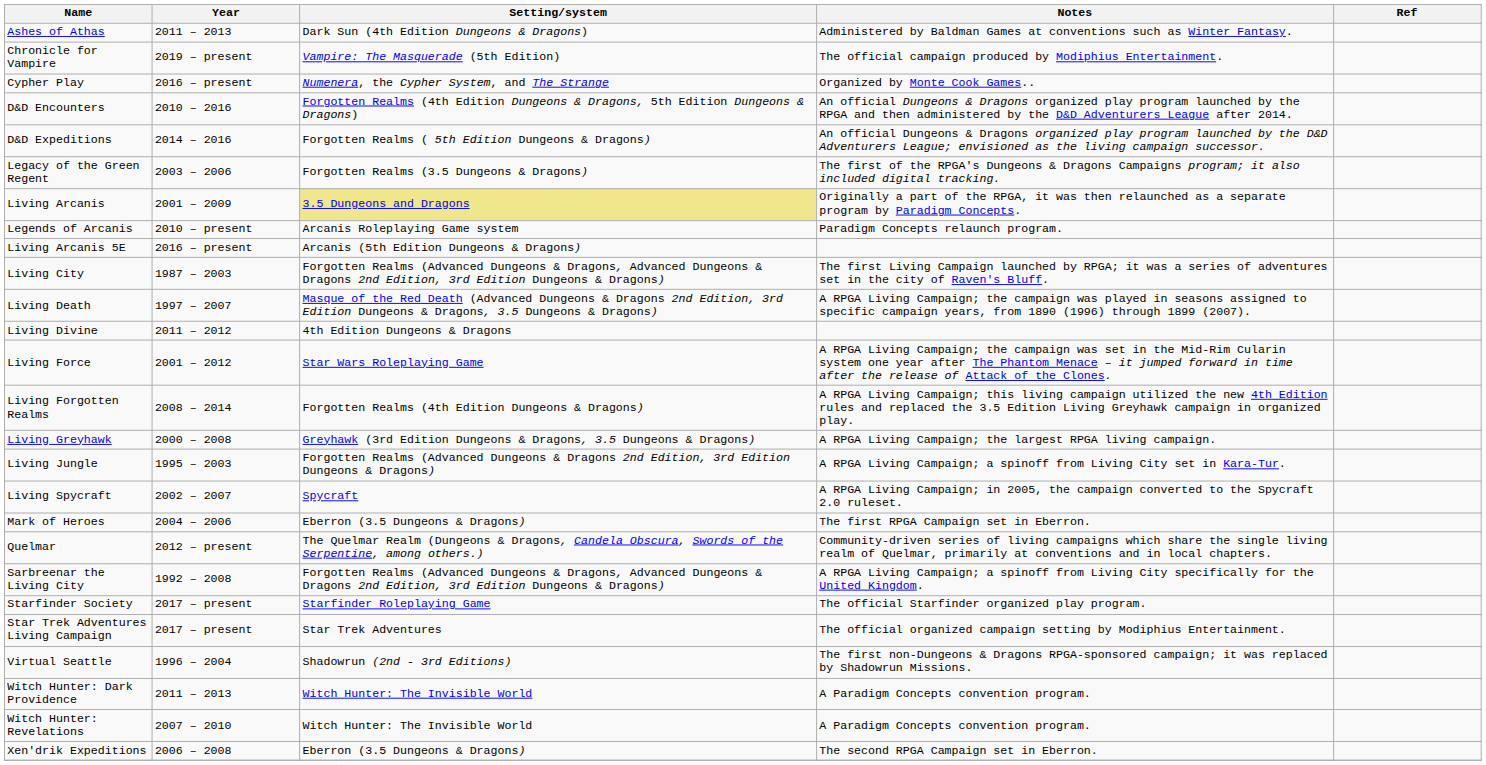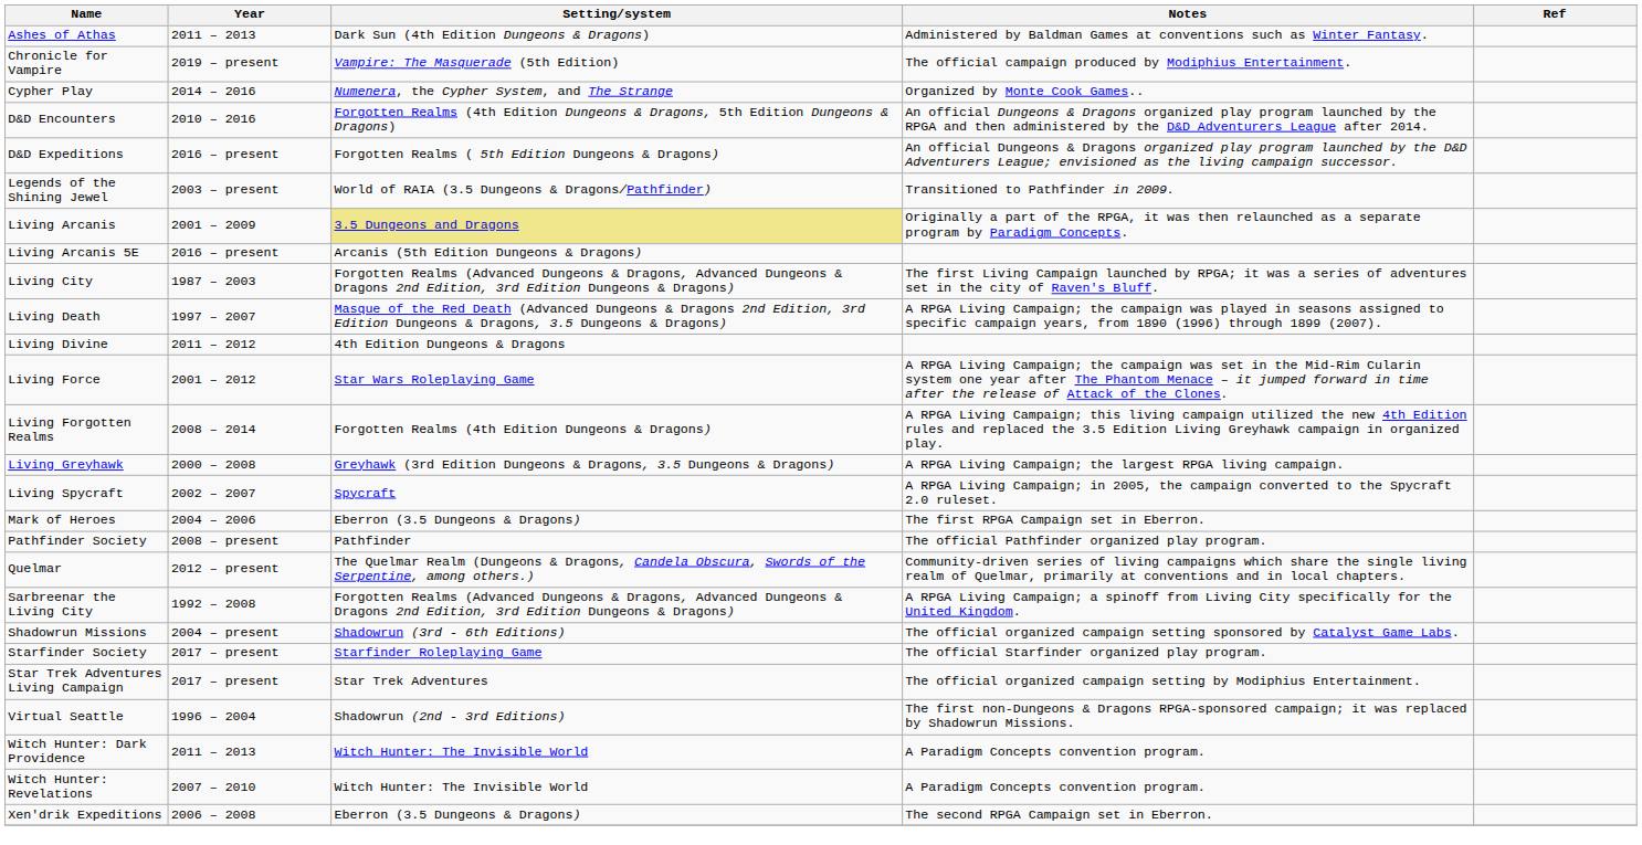 <table class="wikitable sortable" style="margins:auto; width=95%; font-size: 95%;">
 <tr>
 <th width="10%">Name</th>
 <th width="10%">Year</th>
 <th width="35%">Setting/system</th>
 <th width="35%">Notes</th>
 <th width="10%">Ref</th>
 </tr>
 <tr>
 <td><a href='#'>Ashes of Athas</a></td>
 <td>2011 – 2013</td>
 <td>Dark Sun (4th Edition <em>Dungeons & Dragons</em>)</td>
 <td>Administered by Baldman Games at conventions such as <a href='#'>Winter Fantasy</a>.</td>
 <td></td>
 </tr>
 <tr>
 <td>Chronicle for Vampire</td>
 <td>2019 – present</td>
 <td><em><a href='#'>Vampire: The Masquerade</a></em> (5th Edition)</td>
 <td>The official campaign produced by <a href='#'>Modiphius Entertainment</a>.</td>
 <td></td>
 </tr>
 <tr>
 <td>Cypher Play</td>
-<td>2016 – present</td>
+<td>2014 – 2016</td>
 <td><em><a href='#'>Numenera</a></em>, the <em>Cypher System</em>, and <em><a href='#'>The Strange</a></em></td>
 <td>Organized by <a href='#'>Monte Cook Games</a>..</td>
 <td></td>
 </tr>
 <tr>
 <td>D&D Encounters</td>
 <td>2010 – 2016</td>
 <td><a href='#'>Forgotten Realms</a> (4th Edition <em>Dungeons & Dragons,</em> 5th Edition <em>Dungeons & Dragons</em>)</td>
 <td>An official <em>Dungeons & Dragons</em> organized play program launched by the RPGA and then administered by the <a href='#'>D&D Adventurers League</a> after 2014.</td>
 <td></td>
 </tr>
 <tr>
 <td>D&D Expeditions</td>
-<td>2014 – 2016</td>
+<td>2016 – present</td>
 <td>Forgotten Realms (<em> 5th Edition </em>Dungeons & Dragons<em>)</td>
 <td>An official </em>Dungeons & Dragons<em> organized play program launched by the D&D Adventurers League; envisioned as the living campaign successor.</td>
 <td></td>
 </tr>
 <tr>
-<td>Legacy of the Green Regent</td>
-<td>2003 – 2006</td>
-<td>Forgotten Realms (3.5 </em>Dungeons & Dragons<em>)</td>
-<td>The first of the RPGA's </em>Dungeons & Dragons Campaigns<em> program; it also included digital tracking.</td>
+<td>Legends of the Shining Jewel</td>
+<td>2003 – present</td>
+<td>World of RAIA (3.5 </em>Dungeons & Dragons<em>/<a href='#'></em>Pathfinder<em></a>)</td>
+<td>Transitioned to </em>Pathfinder<em> in 2009.</td>
 <td></td>
 </tr>
 <tr>
 <td>Living Arcanis</td>
 <td>2001 – 2009</td>
 <td style="background: khaki;"><a href='#'>3.5 Dungeons and Dragons</a></td>
 <td>Originally a part of the RPGA, it was then relaunched as a separate program by <a href='#'>Paradigm Concepts</a>.</td>
-<td></td>
-</tr>
-<tr>
-<td>Legends of Arcanis</td>
-<td>2010 – present</td>
-<td>Arcanis Roleplaying Game system</td>
-<td>Paradigm Concepts relaunch program.</td>
 <td></td>
 </tr>
 <tr>
 <td>Living Arcanis 5E</td>
 <td>2016 – present</td>
 <td>Arcanis (5th Edition </em>Dungeons & Dragons<em>)</td>
 <td></td>
 <td></td>
 </tr>
 <tr>
 <td>Living City</td>
 <td>1987 – 2003</td>
 <td>Forgotten Realms (</em>Advanced Dungeons & Dragons<em>, </em>Advanced Dungeons & Dragons<em> 2nd Edition, 3rd Edition </em>Dungeons & Dragons<em>)</td>
 <td>The first Living Campaign launched by RPGA; it was a series of adventures set in the city of <a href='#'>Raven's Bluff</a>.</td>
 <td></td>
 </tr>
 <tr>
 <td>Living Death</td>
 <td>1997 – 2007</td>
 <td><a href='#'>Masque of the Red Death</a> (</em>Advanced Dungeons & Dragons<em> 2nd Edition, 3rd Edition </em>Dungeons & Dragons<em>, 3.5 </em>Dungeons & Dragons<em>)</td>
 <td>A RPGA Living Campaign; the campaign was played in seasons assigned to specific campaign years, from 1890 (1996) through 1899 (2007).</td>
 <td></td>
 </tr>
 <tr>
 <td>Living Divine</td>
 <td>2011 – 2012</td>
 <td>4th Edition </em>Dungeons & Dragons<em></td>
 <td></td>
 <td></td>
 </tr>
 <tr>
 <td>Living Force</td>
 <td>2001 – 2012</td>
 <td></em><a href='#'>Star Wars Roleplaying Game</a><em></td>
 <td>A RPGA Living Campaign; the campaign was set in the Mid-Rim Cularin system one year after </em><a href='#'>The Phantom Menace</a><em> – it jumped forward in time after the release of </em><a href='#'>Attack of the Clones</a><em>.</td>
 <td></td>
 </tr>
 <tr>
 <td>Living Forgotten Realms</td>
 <td>2008 – 2014</td>
 <td>Forgotten Realms (4th Edition </em>Dungeons & Dragons<em>)</td>
 <td>A RPGA Living Campaign; this living campaign utilized the new <a href='#'>4th Edition</a> rules and replaced the 3.5 Edition Living Greyhawk campaign in organized play.</td>
 <td></td>
 </tr>
 <tr>
 <td><a href='#'>Living Greyhawk</a></td>
 <td>2000 – 2008</td>
 <td><a href='#'>Greyhawk</a> (3rd Edition </em>Dungeons & Dragons<em>, 3.5 </em>Dungeons & Dragons<em>)</td>
 <td>A RPGA Living Campaign; the largest RPGA living campaign.</td>
 <td></td>
 </tr>
 <tr>
-<td>Living Jungle</td>
-<td>1995 – 2003</td>
-<td>Forgotten Realms (</em>Advanced Dungeons & Dragons<em> 2nd Edition, 3rd Edition </em>Dungeons & Dragons<em>)</td>
-<td>A RPGA Living Campaign; a spinoff from Living City set in <a href='#'>Kara-Tur</a>.</td>
-<td></td>
-</tr>
-<tr>
 <td>Living Spycraft</td>
 <td>2002 – 2007</td>
 <td></em><a href='#'>Spycraft</a><em></td>
 <td>A RPGA Living Campaign; in 2005, the campaign converted to the Spycraft 2.0 ruleset.</td>
 <td></td>
 </tr>
 <tr>
 <td>Mark of Heroes</td>
 <td>2004 – 2006</td>
 <td>Eberron (3.5 </em>Dungeons & Dragons<em>)</td>
 <td>The first RPGA Campaign set in Eberron.</td>
 <td></td>
 </tr>
 <tr>
+<td>Pathfinder Society</td>
+<td>2008 – present</td>
+<td></em>Pathfinder<em></td>
+<td>The official Pathfinder organized play program.</td>
+<td></td>
+</tr>
+<tr>
 <td>Quelmar</td>
 <td>2012 – present</td>
 <td>The Quelmar Realm (</em>Dungeons & Dragons<em>, <a href='#'>Candela Obscura</a>, <a href='#'>Swords of the Serpentine</a>, among others.)</td>
 <td>Community-driven series of living campaigns which share the single living realm of Quelmar, primarily at conventions and in local chapters.</td>
 <td></td>
 </tr>
 <tr>
 <td>Sarbreenar the Living City</td>
 <td>1992 – 2008</td>
 <td>Forgotten Realms (</em>Advanced Dungeons & Dragons<em>, </em>Advanced Dungeons & Dragons<em> 2nd Edition, 3rd Edition </em>Dungeons & Dragons<em>)</td>
 <td>A RPGA Living Campaign; a spinoff from Living City specifically for the <a href='#'>United Kingdom</a>.</td>
+<td></td>
+</tr>
+<tr>
+<td>Shadowrun Missions</td>
+<td>2004 – present</td>
+<td></em><a href='#'>Shadowrun</a><em> (3rd - 6th Editions)</td>
+<td>The official organized campaign setting sponsored by <a href='#'>Catalyst Game Labs</a>.</td>
 <td></td>
 </tr>
 <tr>
 <td>Starfinder Society</td>
 <td>2017 – present</td>
 <td><a href='#'>Starfinder Roleplaying Game</a></td>
 <td>The official Starfinder organized play program.</td>
 <td></td>
 </tr>
 <tr>
 <td>Star Trek Adventures Living Campaign</td>
 <td>2017 – present</td>
 <td></em>Star Trek Adventures<em></td>
 <td>The official organized campaign setting by Modiphius Entertainment.</td>
 <td></td>
 </tr>
 <tr>
 <td>Virtual Seattle</td>
 <td>1996 – 2004</td>
 <td></em>Shadowrun<em> (2nd - 3rd Editions)</td>
 <td>The first non-Dungeons & Dragons RPGA-sponsored campaign; it was replaced by Shadowrun Missions.</td>
 <td></td>
 </tr>
 <tr>
 <td>Witch Hunter: Dark Providence</td>
 <td>2011 – 2013</td>
 <td><a href='#'>Witch Hunter: The Invisible World</a></td>
 <td>A Paradigm Concepts convention program.</td>
 <td></td>
 </tr>
 <tr>
 <td>Witch Hunter: Revelations</td>
 <td>2007 – 2010</td>
 <td>Witch Hunter: The Invisible World</td>
 <td>A Paradigm Concepts convention program.</td>
 <td></td>
 </tr>
 <tr>
 <td>Xen'drik Expeditions</td>
 <td>2006 – 2008</td>
 <td>Eberron (3.5 </em>Dungeons & Dragons<em>)</td>
 <td>The second RPGA Campaign set in Eberron.</td>
 <td></td>
 </tr>
 <tr>
 </tr>
 </table>
